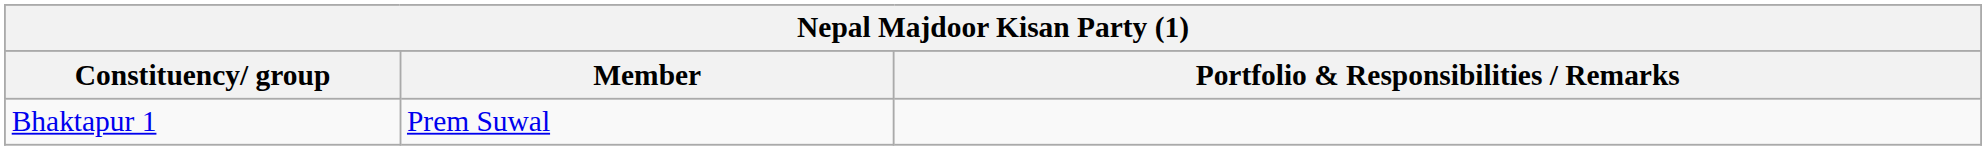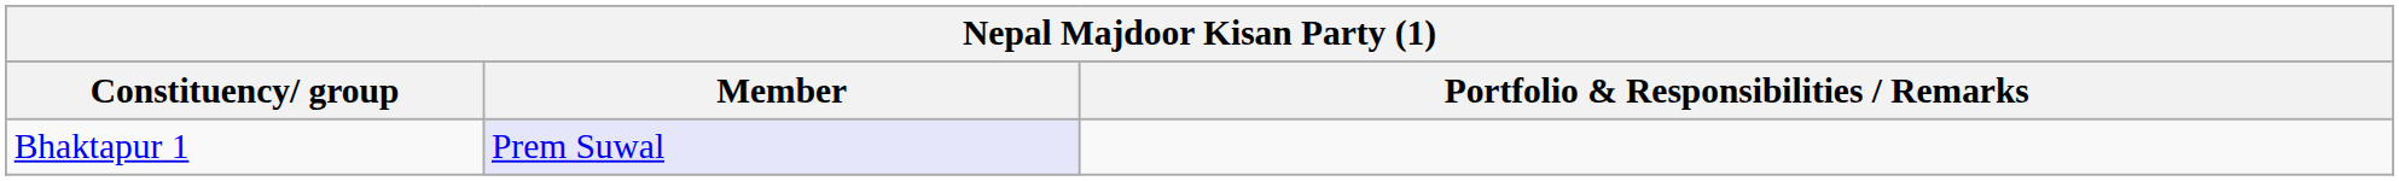 <table class="wikitable">
 <tr>
 <th colspan="3" style="width: 800pt; background:">Nepal Majdoor Kisan Party (1)</th>
 </tr>
 <tr>
 <th style="width:20%;">Constituency/ group</th>
 <th style="width:25%;">Member</th>
 <th>Portfolio & Responsibilities / Remarks</th>
 </tr>
 <tr>
 <td><a href='#'>Bhaktapur 1</a></td>
-<td><a href='#'>Prem Suwal</a></td>
+<td style="background: lavender;"><a href='#'>Prem Suwal</a></td>
 <td></td>
 </tr>
 </table>
